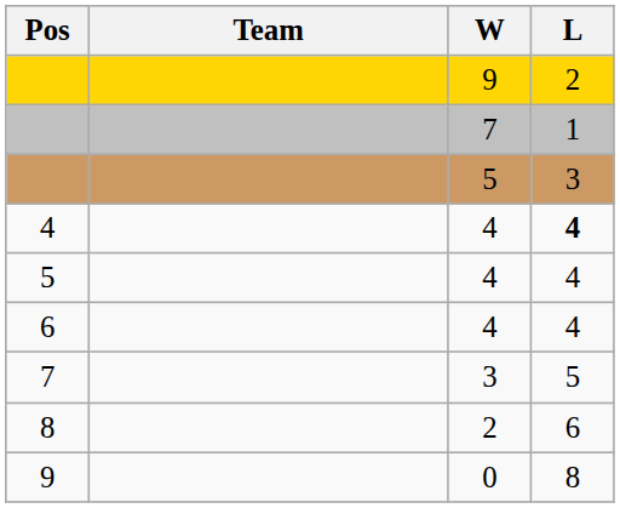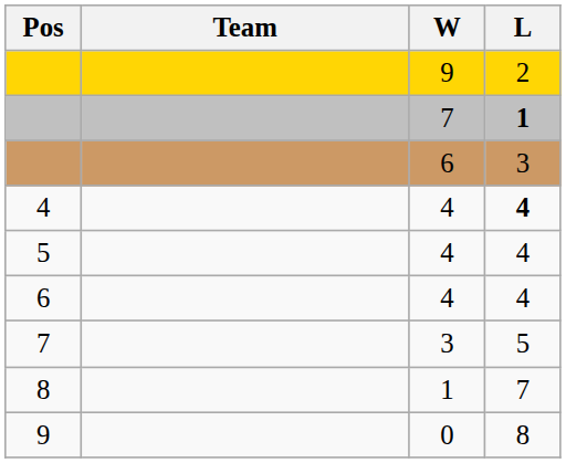 <table class=wikitable style="text-align:center; font-size:95%">
 <tr>
 <th width="35">Pos</th>
 <th width="175">Team</th>
 <th width="35">W</th>
 <th width="35">L</th>
 </tr>
 <tr bgcolor=#FFD604>
 <td></td>
 <td align=left></td>
 <td>9</td>
 <td>2</td>
 </tr>
 <tr bgcolor=#C0C0C0>
 <td></td>
 <td align=left></td>
 <td>7</td>
-<td>1</td>
+<td><strong>1</strong></td>
 </tr>
 <tr bgcolor=#CC9965>
 <td></td>
 <td align=left></td>
-<td>5</td>
+<td>6</td>
 <td>3</td>
 </tr>
 <tr>
 <td>4</td>
 <td align=left></td>
 <td>4</td>
 <td><strong>4</strong></td>
 </tr>
 <tr>
 <td>5</td>
 <td align=left></td>
 <td>4</td>
 <td>4</td>
 </tr>
 <tr>
 <td>6</td>
 <td align=left></td>
 <td>4</td>
 <td>4</td>
 </tr>
 <tr>
 <td>7</td>
 <td align=left></td>
 <td>3</td>
 <td>5</td>
 </tr>
 <tr>
 <td>8</td>
 <td align=left></td>
-<td>2</td>
-<td>6</td>
+<td>1</td>
+<td>7</td>
 </tr>
 <tr>
 <td>9</td>
 <td align=left></td>
 <td>0</td>
 <td>8</td>
 </tr>
 </table>
